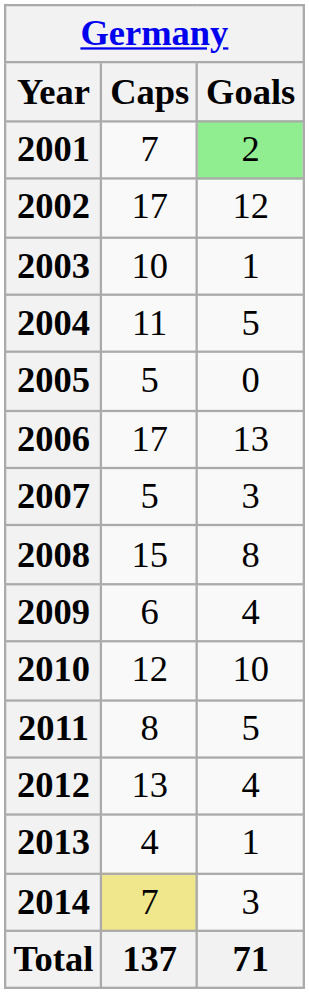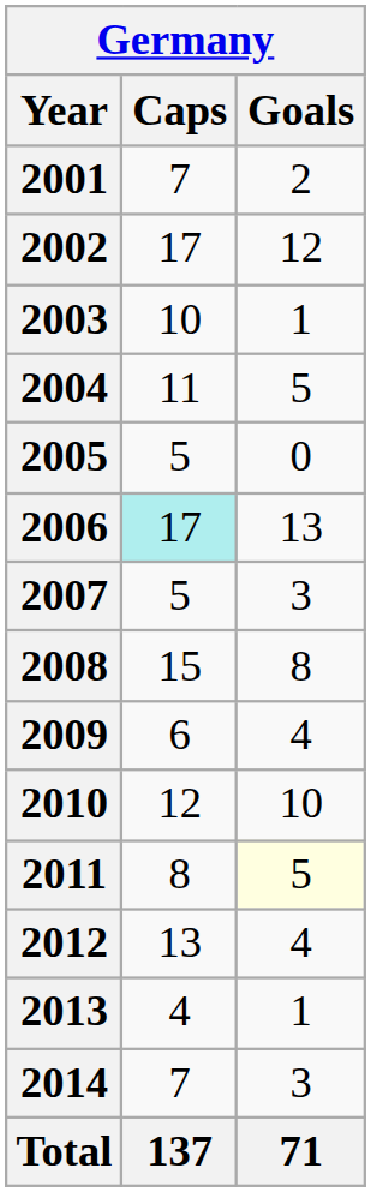 <table class="wikitable sortable plainrowheaders" style="text-align:center">
 <tr>
 <th colspan=8><a href='#'>Germany</a></th>
 </tr>
 <tr>
 <th>Year</th>
 <th>Caps</th>
 <th>Goals</th>
 </tr>
 <tr>
 <th scope="row">2001</th>
 <td>7</td>
-<td style="background: lightgreen;">2</td>
+<td>2</td>
 </tr>
 <tr>
 <th scope="row">2002</th>
 <td>17</td>
 <td>12</td>
 </tr>
 <tr>
 <th scope="row">2003</th>
 <td>10</td>
 <td>1</td>
 </tr>
 <tr>
 <th scope="row">2004</th>
 <td>11</td>
 <td>5</td>
 </tr>
 <tr>
 <th scope="row">2005</th>
 <td>5</td>
 <td>0</td>
 </tr>
 <tr>
 <th scope="row">2006</th>
-<td>17</td>
+<td style="background: paleturquoise;">17</td>
 <td>13</td>
 </tr>
 <tr>
 <th scope="row">2007</th>
 <td>5</td>
 <td>3</td>
 </tr>
 <tr>
 <th scope="row">2008</th>
 <td>15</td>
 <td>8</td>
 </tr>
 <tr>
 <th scope="row">2009</th>
 <td>6</td>
 <td>4</td>
 </tr>
 <tr>
 <th scope="row">2010</th>
 <td>12</td>
 <td>10</td>
 </tr>
 <tr>
 <th scope="row">2011</th>
 <td>8</td>
-<td>5</td>
+<td style="background: lightyellow;">5</td>
 </tr>
 <tr>
 <th scope="row">2012</th>
 <td>13</td>
 <td>4</td>
 </tr>
 <tr>
 <th scope="row">2013</th>
 <td>4</td>
 <td>1</td>
 </tr>
 <tr>
 <th scope="row">2014</th>
-<td style="background: khaki;">7</td>
+<td>7</td>
 <td>3</td>
 </tr>
 <tr>
 <th>Total</th>
 <th>137</th>
 <th>71</th>
 </tr>
 </table>
